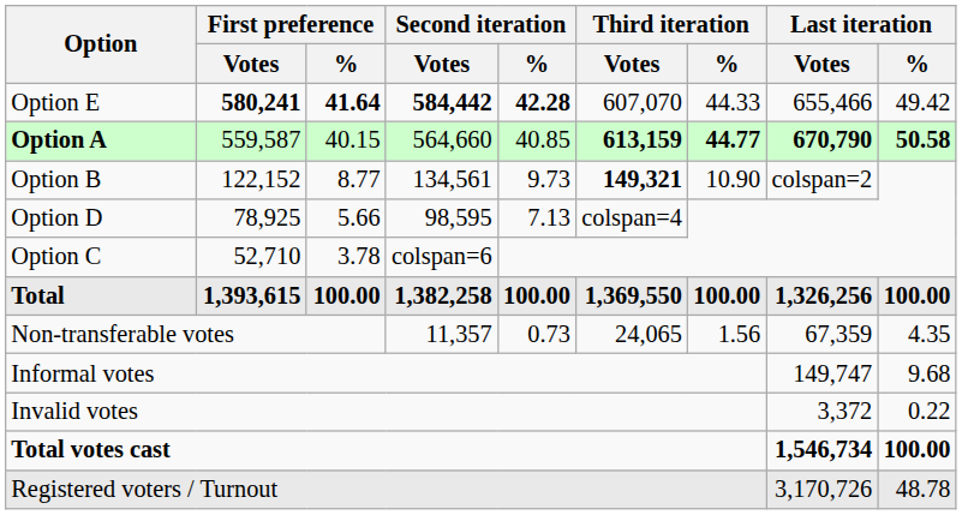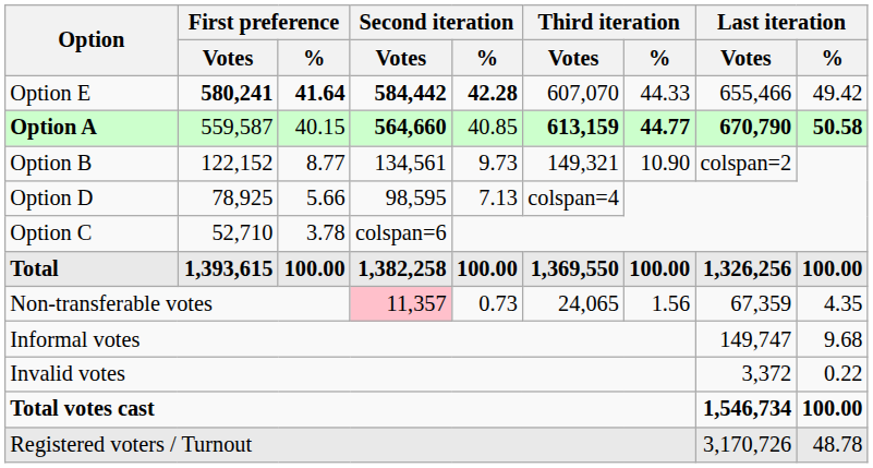 <table class="wikitable">
 <tr style="background:#e9e9e9;">
 <th rowspan="2" style="width:20%;">Option</th>
 <th colspan="2" style="width:20%;">First preference</th>
 <th colspan="2" style="width:20%;">Second iteration</th>
 <th colspan="2" style="width:20%;">Third iteration</th>
 <th colspan="2" style="width:20%;">Last iteration</th>
 </tr>
 <tr style="background:#e9e9e9;">
 <th>Votes</th>
 <th>%</th>
 <th>Votes</th>
 <th>%</th>
 <th>Votes</th>
 <th>%</th>
 <th>Votes</th>
 <th>%</th>
 </tr>
 <tr style="text-align:right;">
 <td style="text-align:left;"> Option E</td>
 <td><strong>580,241</strong></td>
 <td><strong>41.64</strong></td>
 <td><strong>584,442</strong></td>
 <td><strong>42.28</strong></td>
 <td>607,070</td>
 <td>44.33</td>
 <td>655,466</td>
 <td>49.42</td>
 </tr>
 <tr style="text-align:right;background:#cfc;">
 <td style="text-align:left;"> <strong>Option A</strong></td>
 <td>559,587</td>
 <td>40.15</td>
-<td>564,660</td>
+<td><strong>564,660</strong></td>
 <td>40.85</td>
 <td><strong>613,159</strong></td>
 <td><strong>44.77</strong></td>
 <td><strong>670,790</strong></td>
 <td><strong>50.58</strong></td>
 </tr>
 <tr style="text-align:right;">
 <td style="text-align:left;"> Option B</td>
 <td>122,152</td>
 <td>8.77</td>
 <td>134,561</td>
 <td>9.73</td>
-<td><strong>149,321</strong></td>
+<td>149,321</td>
 <td>10.90</td>
 <td>colspan=2 </td>
 </tr>
 <tr style="text-align:right;">
 <td style="text-align:left;"> Option D</td>
 <td>78,925</td>
 <td>5.66</td>
 <td>98,595</td>
 <td>7.13</td>
 <td>colspan=4 </td>
 </tr>
 <tr style="text-align:right;">
 <td style="text-align:left;"> Option C</td>
 <td>52,710</td>
 <td>3.78</td>
 <td>colspan=6 </td>
 </tr>
 <tr style="background:#e9e9e9;text-align:right;">
 <td style="text-align:left;"><strong>Total</strong></td>
 <td><strong>1,393,615</strong></td>
 <td><strong>100.00</strong></td>
 <td><strong>1,382,258</strong></td>
 <td><strong>100.00</strong></td>
 <td><strong>1,369,550</strong></td>
 <td><strong>100.00</strong></td>
 <td><strong>1,326,256</strong></td>
 <td><strong>100.00</strong></td>
 </tr>
 <tr style="text-align:right;">
 <td colspan=3 style="text-align:left;">Non-transferable votes</td>
-<td>11,357</td>
+<td style="background: pink;">11,357</td>
 <td>0.73</td>
 <td>24,065</td>
 <td>1.56</td>
 <td>67,359</td>
 <td>4.35</td>
 </tr>
 <tr style="text-align:right;">
 <td colspan=7 style="text-align:left;">Informal votes</td>
 <td>149,747</td>
 <td>9.68</td>
 </tr>
 <tr style="text-align:right;">
 <td colspan=7 style="text-align:left;">Invalid votes</td>
 <td>3,372</td>
 <td>0.22</td>
 </tr>
 <tr style="text-align:right;">
 <td colspan=7 style="text-align:left;"><strong>Total votes cast</strong></td>
 <td><strong>1,546,734</strong></td>
 <td><strong>100.00</strong></td>
 </tr>
 <tr style="background:#e9e9e9;text-align:right;">
 <td colspan=7 style="text-align:left;">Registered voters / Turnout</td>
 <td>3,170,726</td>
 <td>48.78</td>
 </tr>
 </table>
